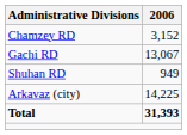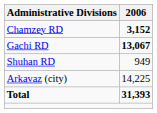 <table class="wikitable">
 <tr>
 <th>Administrative Divisions</th>
 <th>2006</th>
 </tr>
 <tr>
 <td><a href='#'>Chamzey RD</a></td>
-<td style="text-align: right;">3,152</td>
+<td style="text-align: right;"><strong>3,152</strong></td>
 </tr>
 <tr>
 <td><a href='#'>Gachi RD</a></td>
-<td style="text-align: right;">13,067</td>
+<td style="text-align: right;"><strong>13,067</strong></td>
 </tr>
 <tr>
 <td><a href='#'>Shuhan RD</a></td>
 <td style="text-align: right;">949</td>
 </tr>
 <tr>
 <td><a href='#'>Arkavaz</a> (city)</td>
 <td style="text-align: right;">14,225</td>
 </tr>
 <tr>
 <td><strong>Total</strong></td>
 <td style="text-align: right;"><strong>31,393</strong></td>
 </tr>
 <tr>
 <td colspan=4></td>
 </tr>
 </table>
